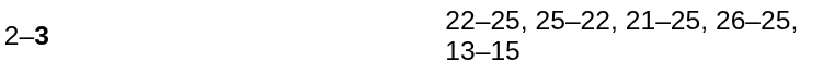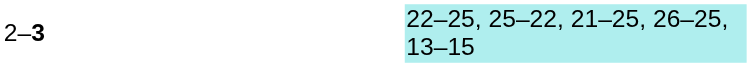 <table>
 <tr>
 <th width=200></th>
 <th width=80></th>
 <th width=200></th>
 <th width=220></th>
 </tr>
 <tr>
 <td align=right></td>
 <td align=center>2–<strong>3</strong></td>
 <td><strong></strong></td>
-<td>22–25, 25–22, 21–25, 26–25, 13–15</td>
+<td style="background: paleturquoise;">22–25, 25–22, 21–25, 26–25, 13–15</td>
 </tr>
 </table>
